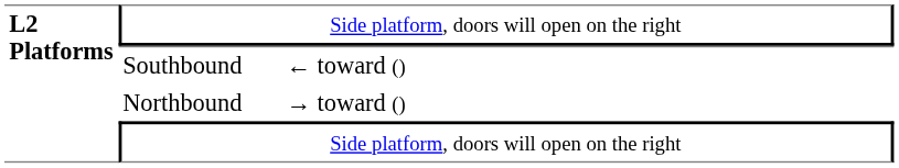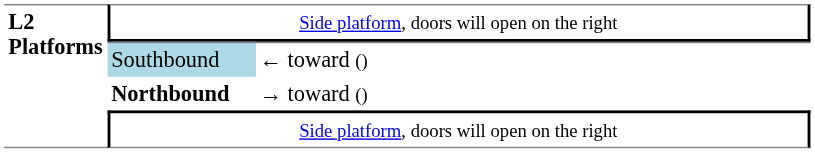 <table table border=0 cellspacing=0 cellpadding=3>
 <tr>
 <td style="border-top:solid 1px gray;border-bottom:solid 1px gray;" width=50 rowspan=10 valign=top><strong>L2<br>Platforms</strong></td>
 <td style="border-top:solid 1px gray;border-right:solid 2px black;border-left:solid 2px black;border-bottom:solid 2px black;text-align:center;" colspan=2><small><a href='#'>Side platform</a>, doors will open on the right</small></td>
 </tr>
 <tr>
-<td style="border-bottom:solid 0px gray;border-top:solid 1px gray;" width=100>Southbound</td>
+<td style="background: lightblue; border-bottom:solid 0px gray;border-top:solid 1px gray;" width=100>Southbound</td>
 <td style="border-bottom:solid 0px gray;border-top:solid 1px gray;" width=390>←  toward  <small>()</small></td>
 </tr>
 <tr>
-<td>Northbound</td>
+<td><strong>Northbound</strong></td>
 <td>→  toward  <small>()</small></td>
 </tr>
 <tr>
 <td style="border-top:solid 2px black;border-right:solid 2px black;border-left:solid 2px black;border-bottom:solid 1px gray;text-align:center;" colspan=2><small><a href='#'>Side platform</a>, doors will open on the right</small></td>
 </tr>
 </table>
